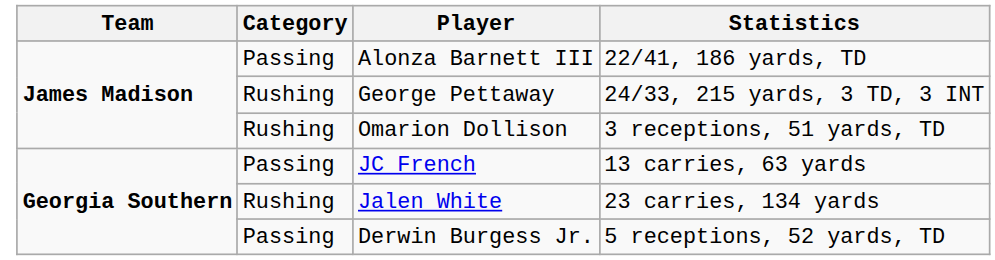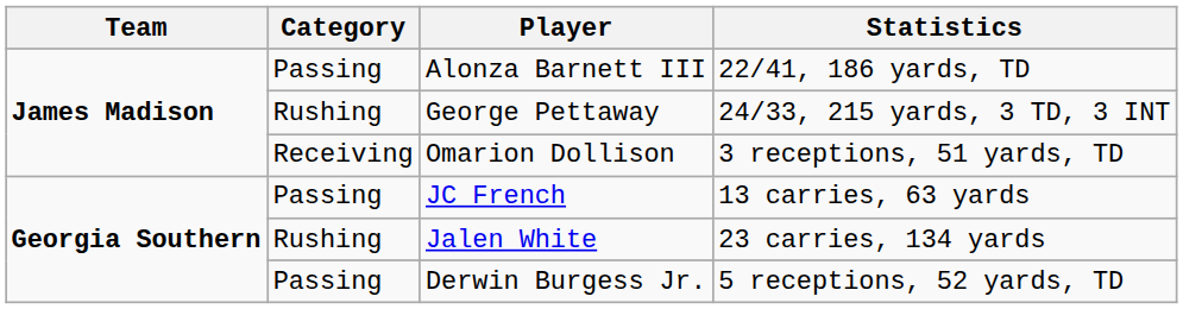 <table class="wikitable" style="float: right;">
 <tr>
 <th>Team</th>
 <th>Category</th>
 <th>Player</th>
 <th>Statistics</th>
 </tr>
 <tr>
 <td rowspan=3><strong>James Madison</strong></td>
 <td>Passing</td>
 <td>Alonza Barnett III</td>
 <td>22/41, 186 yards, TD</td>
 </tr>
 <tr>
 <td>Rushing</td>
 <td>George Pettaway</td>
 <td>24/33, 215 yards, 3 TD, 3 INT</td>
 </tr>
 <tr>
-<td>Rushing</td>
+<td>Receiving</td>
 <td>Omarion Dollison</td>
 <td>3 receptions, 51 yards, TD</td>
 </tr>
 <tr>
 <td rowspan=3><strong>Georgia Southern</strong></td>
 <td>Passing</td>
 <td><a href='#'>JC French</a></td>
 <td>13 carries, 63 yards</td>
 </tr>
 <tr>
 <td>Rushing</td>
 <td><a href='#'>Jalen White</a></td>
 <td>23 carries, 134 yards</td>
 </tr>
 <tr>
 <td>Passing</td>
 <td>Derwin Burgess Jr.</td>
 <td>5 receptions, 52 yards, TD</td>
 </tr>
 </table>
